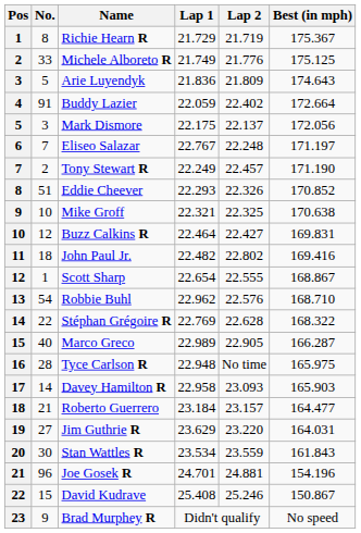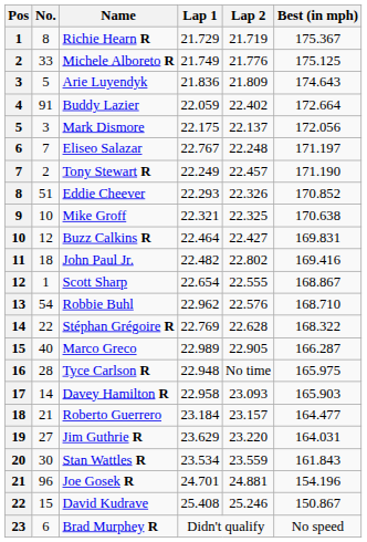 <table class="wikitable sortable" " style="fontsize:95%">
 <tr>
 <th>Pos</th>
 <th>No.</th>
 <th>Name</th>
 <th>Lap 1</th>
 <th>Lap 2</th>
 <th>Best (in mph)</th>
 </tr>
 <tr>
 <th scope="row">1</th>
 <td align=center>8</td>
 <td> <a href='#'>Richie Hearn</a> <strong><span>R</span></strong></td>
 <td align="center">21.729</td>
 <td align="center">21.719</td>
 <td align="center">175.367</td>
 </tr>
 <tr>
 <th scope="row">2</th>
 <td align=center>33</td>
 <td> <a href='#'>Michele Alboreto</a> <strong><span>R</span></strong></td>
 <td align="center">21.749</td>
 <td align="center">21.776</td>
 <td align="center">175.125</td>
 </tr>
 <tr>
 <th scope="row">3</th>
 <td align=center>5</td>
 <td> <a href='#'>Arie Luyendyk</a></td>
 <td align="center">21.836</td>
 <td align="center">21.809</td>
 <td align="center">174.643</td>
 </tr>
 <tr>
 <th scope="row">4</th>
 <td align=center>91</td>
 <td> <a href='#'>Buddy Lazier</a></td>
 <td align="center">22.059</td>
 <td align="center">22.402</td>
 <td align="center">172.664</td>
 </tr>
 <tr>
 <th scope="row">5</th>
 <td align=center>3</td>
 <td> <a href='#'>Mark Dismore</a></td>
 <td align="center">22.175</td>
 <td align="center">22.137</td>
 <td align="center">172.056</td>
 </tr>
 <tr>
 <th scope="row">6</th>
 <td align=center>7</td>
 <td> <a href='#'>Eliseo Salazar</a></td>
 <td align="center">22.767</td>
 <td align="center">22.248</td>
 <td align="center">171.197</td>
 </tr>
 <tr>
 <th scope="row">7</th>
 <td align=center>2</td>
 <td> <a href='#'>Tony Stewart</a> <strong><span>R</span></strong></td>
 <td align="center">22.249</td>
 <td align="center">22.457</td>
 <td align="center">171.190</td>
 </tr>
 <tr>
 <th scope="row">8</th>
 <td align=center>51</td>
 <td> <a href='#'>Eddie Cheever</a></td>
 <td align="center">22.293</td>
 <td align="center">22.326</td>
 <td align="center">170.852</td>
 </tr>
 <tr>
 <th scope="row">9</th>
 <td align=center>10</td>
 <td> <a href='#'>Mike Groff</a></td>
 <td align="center">22.321</td>
 <td align="center">22.325</td>
 <td align="center">170.638</td>
 </tr>
 <tr>
 <th scope="row">10</th>
 <td align=center>12</td>
 <td> <a href='#'>Buzz Calkins</a> <strong><span>R</span></strong></td>
 <td align="center">22.464</td>
 <td align="center">22.427</td>
 <td align="center">169.831</td>
 </tr>
 <tr>
 <th scope="row">11</th>
 <td align=center>18</td>
 <td> <a href='#'>John Paul Jr.</a></td>
 <td align="center">22.482</td>
 <td align="center">22.802</td>
 <td align="center">169.416</td>
 </tr>
 <tr>
 <th scope="row">12</th>
 <td align=center>1</td>
 <td> <a href='#'>Scott Sharp</a></td>
 <td align="center">22.654</td>
 <td align="center">22.555</td>
 <td align="center">168.867</td>
 </tr>
 <tr>
 <th scope="row">13</th>
 <td align=center>54</td>
 <td> <a href='#'>Robbie Buhl</a></td>
 <td align="center">22.962</td>
 <td align="center">22.576</td>
 <td align="center">168.710</td>
 </tr>
 <tr>
 <th scope="row">14</th>
 <td align=center>22</td>
 <td> <a href='#'>Stéphan Grégoire</a> <strong><span>R</span></strong></td>
 <td align="center">22.769</td>
 <td align="center">22.628</td>
 <td align="center">168.322</td>
 </tr>
 <tr>
 <th scope="row">15</th>
 <td align=center>40</td>
 <td> <a href='#'>Marco Greco</a></td>
 <td align="center">22.989</td>
 <td align="center">22.905</td>
 <td align="center">166.287</td>
 </tr>
 <tr>
 <th scope="row">16</th>
 <td align=center>28</td>
 <td> <a href='#'>Tyce Carlson</a> <strong><span>R</span></strong></td>
 <td align="center">22.948</td>
 <td align="center">No time</td>
 <td align="center">165.975</td>
 </tr>
 <tr>
 <th scope="row">17</th>
 <td align=center>14</td>
 <td> <a href='#'>Davey Hamilton</a> <strong><span>R</span></strong></td>
 <td align="center">22.958</td>
 <td align="center">23.093</td>
 <td align="center">165.903</td>
 </tr>
 <tr>
 <th scope="row">18</th>
 <td align=center>21</td>
 <td> <a href='#'>Roberto Guerrero</a></td>
 <td align="center">23.184</td>
 <td align="center">23.157</td>
 <td align="center">164.477</td>
 </tr>
 <tr>
 <th scope="row">19</th>
 <td align=center>27</td>
 <td> <a href='#'>Jim Guthrie</a> <strong><span>R</span></strong></td>
 <td align="center">23.629</td>
 <td align="center">23.220</td>
 <td align="center">164.031</td>
 </tr>
 <tr>
 <th scope="row">20</th>
 <td align=center>30</td>
 <td> <a href='#'>Stan Wattles</a> <strong><span>R</span></strong></td>
 <td align="center">23.534</td>
 <td align="center">23.559</td>
 <td align="center">161.843</td>
 </tr>
 <tr>
 <th scope="row">21</th>
 <td align=center>96</td>
 <td> <a href='#'>Joe Gosek</a> <strong><span>R</span></strong></td>
 <td align="center">24.701</td>
 <td align="center">24.881</td>
 <td align="center">154.196</td>
 </tr>
 <tr>
 <th scope="row">22</th>
 <td align=center>15</td>
 <td> <a href='#'>David Kudrave</a></td>
 <td align="center">25.408</td>
 <td align="center">25.246</td>
 <td align="center">150.867</td>
 </tr>
 <tr>
 <th scope="row">23</th>
-<td align=center>9</td>
+<td align=center>6</td>
 <td> <a href='#'>Brad Murphey</a> <strong><span>R</span></strong></td>
 <td colspan=2 align="center">Didn't qualify</td>
 <td align="center">No speed</td>
 </tr>
 </table>
